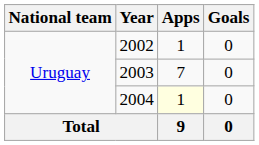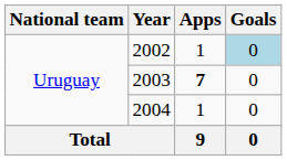 <table class="wikitable" style="text-align:center">
 <tr>
 <th>National team</th>
 <th>Year</th>
 <th>Apps</th>
 <th>Goals</th>
 </tr>
 <tr>
 <td rowspan=3><a href='#'>Uruguay</a></td>
 <td>2002</td>
 <td>1</td>
-<td>0</td>
+<td style="background: lightblue;">0</td>
 </tr>
 <tr>
 <td>2003</td>
-<td>7</td>
+<td><strong>7</strong></td>
 <td>0</td>
 </tr>
 <tr>
 <td>2004</td>
-<td style="background: lightyellow;">1</td>
+<td>1</td>
 <td>0</td>
 </tr>
 <tr>
 <th colspan=2>Total</th>
 <th>9</th>
 <th>0</th>
 </tr>
 </table>
